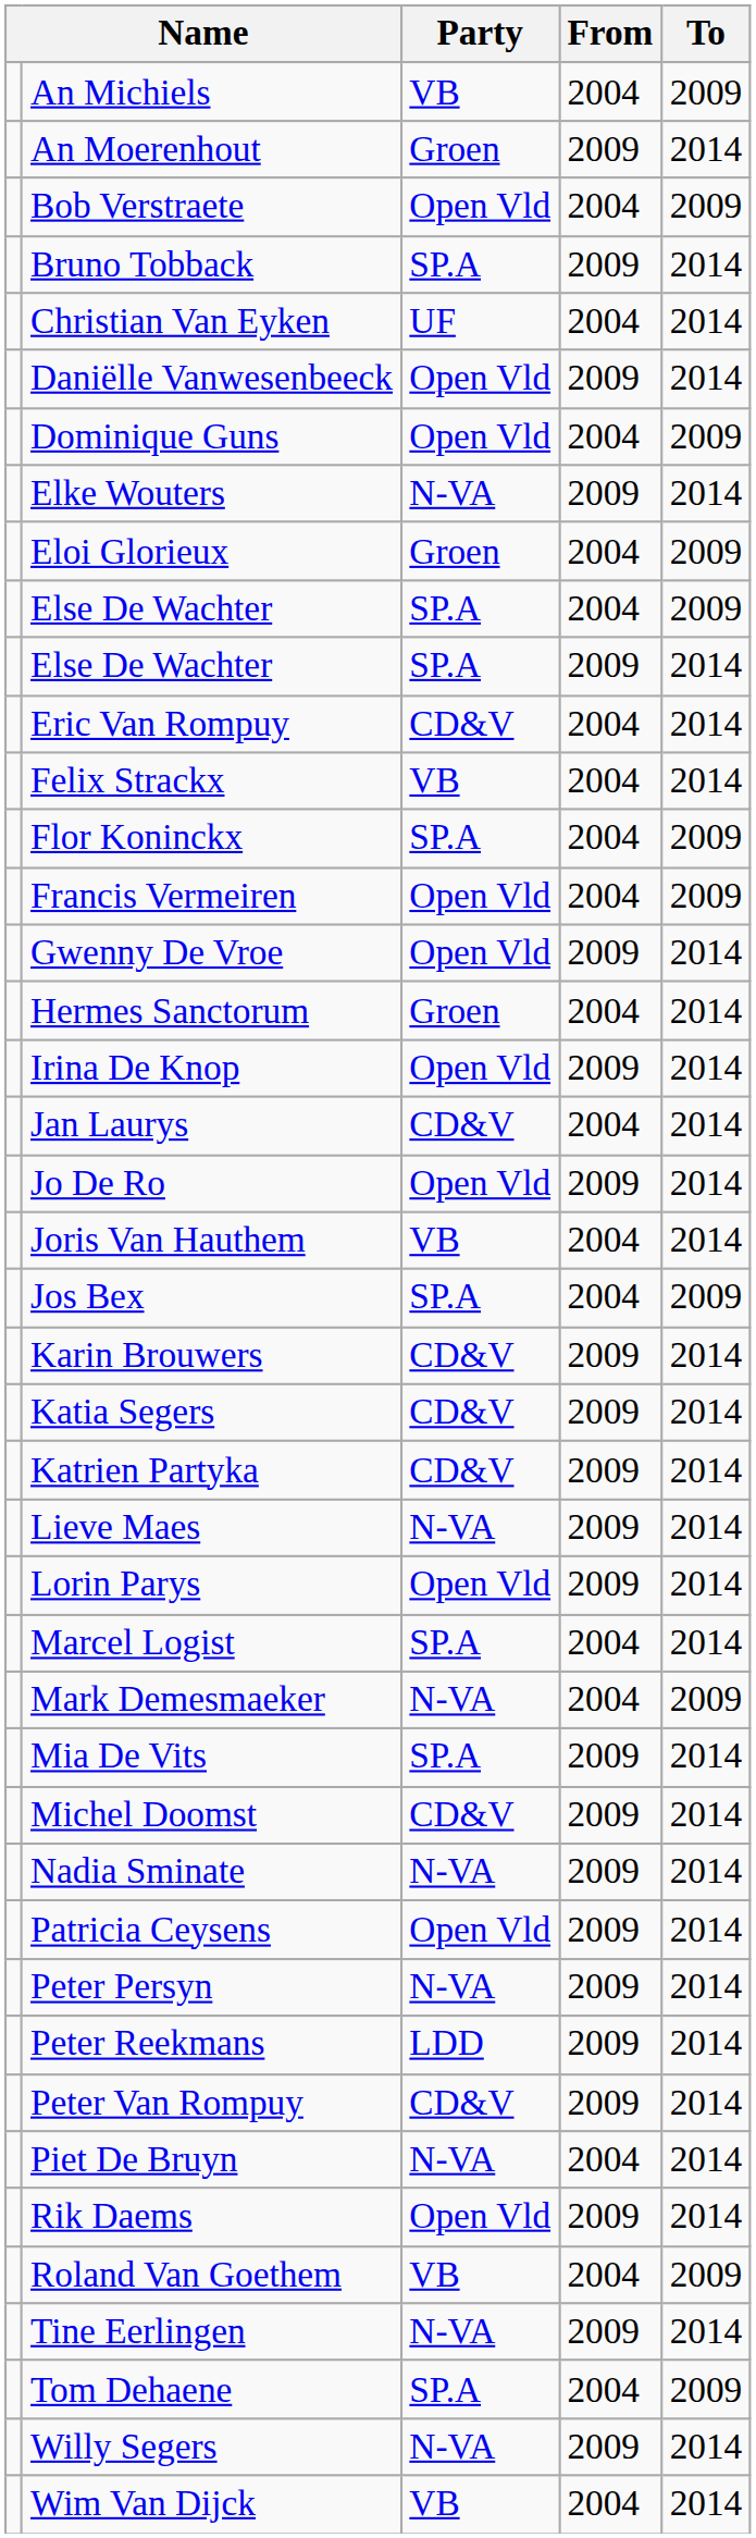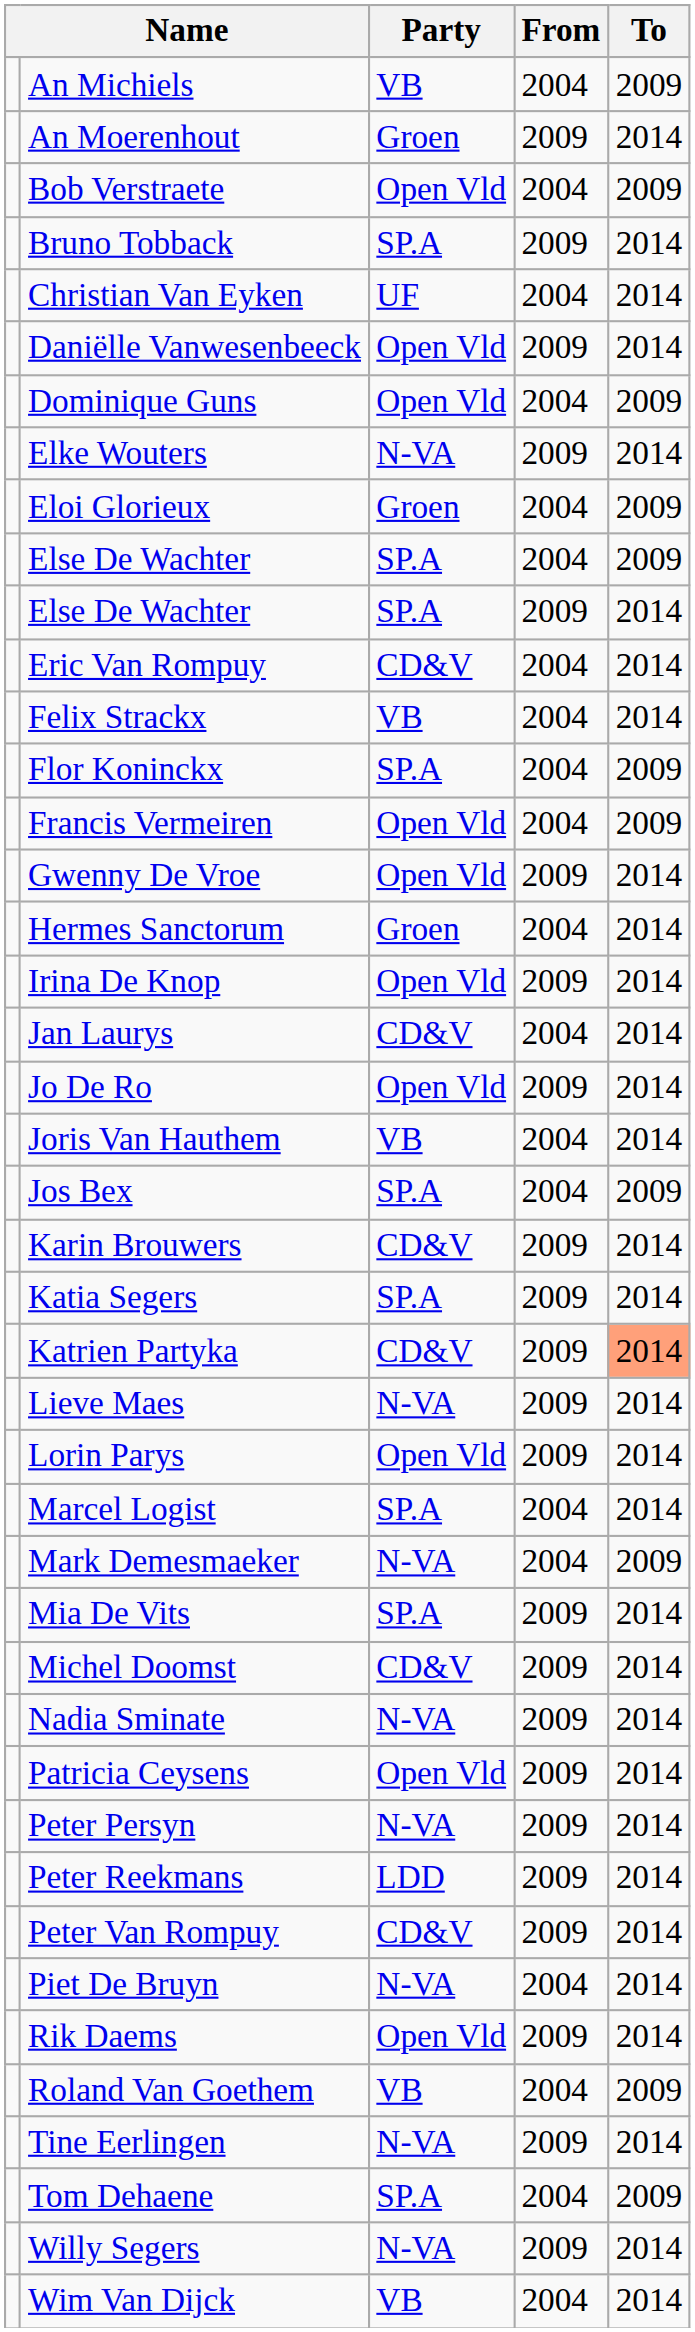 <table class="wikitable sortable">
 <tr>
 <th colspan=2>Name</th>
 <th>Party</th>
 <th>From</th>
 <th>To</th>
 </tr>
 <tr>
 <td style="background-color: "></td>
 <td><a href='#'>An Michiels</a></td>
 <td><a href='#'>VB</a></td>
 <td>2004</td>
 <td>2009</td>
 </tr>
 <tr>
 <td style="background-color: "></td>
 <td><a href='#'>An Moerenhout</a></td>
 <td><a href='#'>Groen</a></td>
 <td>2009</td>
 <td>2014</td>
 </tr>
 <tr>
 <td style="background-color: "></td>
 <td><a href='#'>Bob Verstraete</a></td>
 <td><a href='#'>Open Vld</a></td>
 <td>2004</td>
 <td>2009</td>
 </tr>
 <tr>
 <td style="background-color: "></td>
 <td><a href='#'>Bruno Tobback</a></td>
 <td><a href='#'>SP.A</a></td>
 <td>2009</td>
 <td>2014</td>
 </tr>
 <tr>
 <td style="background-color: "></td>
 <td><a href='#'>Christian Van Eyken</a></td>
 <td><a href='#'>UF</a></td>
 <td>2004</td>
 <td>2014</td>
 </tr>
 <tr>
 <td style="background-color: "></td>
 <td><a href='#'>Daniëlle Vanwesenbeeck</a></td>
 <td><a href='#'>Open Vld</a></td>
 <td>2009</td>
 <td>2014</td>
 </tr>
 <tr>
 <td style="background-color: "></td>
 <td><a href='#'>Dominique Guns</a></td>
 <td><a href='#'>Open Vld</a></td>
 <td>2004</td>
 <td>2009</td>
 </tr>
 <tr>
 <td style="background-color: "></td>
 <td><a href='#'>Elke Wouters</a></td>
 <td><a href='#'>N-VA</a></td>
 <td>2009</td>
 <td>2014</td>
 </tr>
 <tr>
 <td style="background-color: "></td>
 <td><a href='#'>Eloi Glorieux</a></td>
 <td><a href='#'>Groen</a></td>
 <td>2004</td>
 <td>2009</td>
 </tr>
 <tr>
 <td style="background-color: "></td>
 <td><a href='#'>Else De Wachter</a></td>
 <td><a href='#'>SP.A</a></td>
 <td>2004</td>
 <td>2009</td>
 </tr>
 <tr>
 <td style="background-color: "></td>
 <td><a href='#'>Else De Wachter</a></td>
 <td><a href='#'>SP.A</a></td>
 <td>2009</td>
 <td>2014</td>
 </tr>
 <tr>
 <td style="background-color: "></td>
 <td><a href='#'>Eric Van Rompuy</a></td>
 <td><a href='#'>CD&V</a></td>
 <td>2004</td>
 <td>2014</td>
 </tr>
 <tr>
 <td style="background-color: "></td>
 <td><a href='#'>Felix Strackx</a></td>
 <td><a href='#'>VB</a></td>
 <td>2004</td>
 <td>2014</td>
 </tr>
 <tr>
 <td style="background-color: "></td>
 <td><a href='#'>Flor Koninckx</a></td>
 <td><a href='#'>SP.A</a></td>
 <td>2004</td>
 <td>2009</td>
 </tr>
 <tr>
 <td style="background-color: "></td>
 <td><a href='#'>Francis Vermeiren</a></td>
 <td><a href='#'>Open Vld</a></td>
 <td>2004</td>
 <td>2009</td>
 </tr>
 <tr>
 <td style="background-color: "></td>
 <td><a href='#'>Gwenny De Vroe</a></td>
 <td><a href='#'>Open Vld</a></td>
 <td>2009</td>
 <td>2014</td>
 </tr>
 <tr>
 <td style="background-color: "></td>
 <td><a href='#'>Hermes Sanctorum</a></td>
 <td><a href='#'>Groen</a></td>
 <td>2004</td>
 <td>2014</td>
 </tr>
 <tr>
 <td style="background-color: "></td>
 <td><a href='#'>Irina De Knop</a></td>
 <td><a href='#'>Open Vld</a></td>
 <td>2009</td>
 <td>2014</td>
 </tr>
 <tr>
 <td style="background-color: "></td>
 <td><a href='#'>Jan Laurys</a></td>
 <td><a href='#'>CD&V</a></td>
 <td>2004</td>
 <td>2014</td>
 </tr>
 <tr>
 <td style="background-color: "></td>
 <td><a href='#'>Jo De Ro</a></td>
 <td><a href='#'>Open Vld</a></td>
 <td>2009</td>
 <td>2014</td>
 </tr>
 <tr>
 <td style="background-color: "></td>
 <td><a href='#'>Joris Van Hauthem</a></td>
 <td><a href='#'>VB</a></td>
 <td>2004</td>
 <td>2014</td>
 </tr>
 <tr>
 <td style="background-color: "></td>
 <td><a href='#'>Jos Bex</a></td>
 <td><a href='#'>SP.A</a></td>
 <td>2004</td>
 <td>2009</td>
 </tr>
 <tr>
 <td style="background-color: "></td>
 <td><a href='#'>Karin Brouwers</a></td>
 <td><a href='#'>CD&V</a></td>
 <td>2009</td>
 <td>2014</td>
 </tr>
 <tr>
 <td style="background-color: "></td>
 <td><a href='#'>Katia Segers</a></td>
-<td><a href='#'>CD&V</a></td>
+<td><a href='#'>SP.A</a></td>
 <td>2009</td>
 <td>2014</td>
 </tr>
 <tr>
 <td style="background-color: "></td>
 <td><a href='#'>Katrien Partyka</a></td>
 <td><a href='#'>CD&V</a></td>
 <td>2009</td>
-<td>2014</td>
+<td style="background: lightsalmon;">2014</td>
 </tr>
 <tr>
 <td style="background-color: "></td>
 <td><a href='#'>Lieve Maes</a></td>
 <td><a href='#'>N-VA</a></td>
 <td>2009</td>
 <td>2014</td>
 </tr>
 <tr>
 <td style="background-color: "></td>
 <td><a href='#'>Lorin Parys</a></td>
 <td><a href='#'>Open Vld</a></td>
 <td>2009</td>
 <td>2014</td>
 </tr>
 <tr>
 <td style="background-color: "></td>
 <td><a href='#'>Marcel Logist</a></td>
 <td><a href='#'>SP.A</a></td>
 <td>2004</td>
 <td>2014</td>
 </tr>
 <tr>
 <td style="background-color: "></td>
 <td><a href='#'>Mark Demesmaeker</a></td>
 <td><a href='#'>N-VA</a></td>
 <td>2004</td>
 <td>2009</td>
 </tr>
 <tr>
 <td style="background-color: "></td>
 <td><a href='#'>Mia De Vits</a></td>
 <td><a href='#'>SP.A</a></td>
 <td>2009</td>
 <td>2014</td>
 </tr>
 <tr>
 <td style="background-color: "></td>
 <td><a href='#'>Michel Doomst</a></td>
 <td><a href='#'>CD&V</a></td>
 <td>2009</td>
 <td>2014</td>
 </tr>
 <tr>
 <td style="background-color: "></td>
 <td><a href='#'>Nadia Sminate</a></td>
 <td><a href='#'>N-VA</a></td>
 <td>2009</td>
 <td>2014</td>
 </tr>
 <tr>
 <td style="background-color: "></td>
 <td><a href='#'>Patricia Ceysens</a></td>
 <td><a href='#'>Open Vld</a></td>
 <td>2009</td>
 <td>2014</td>
 </tr>
 <tr>
 <td style="background-color: "></td>
 <td><a href='#'>Peter Persyn</a></td>
 <td><a href='#'>N-VA</a></td>
 <td>2009</td>
 <td>2014</td>
 </tr>
 <tr>
 <td style="background-color: "></td>
 <td><a href='#'>Peter Reekmans</a></td>
 <td><a href='#'>LDD</a></td>
 <td>2009</td>
 <td>2014</td>
 </tr>
 <tr>
 <td style="background-color: "></td>
 <td><a href='#'>Peter Van Rompuy</a></td>
 <td><a href='#'>CD&V</a></td>
 <td>2009</td>
 <td>2014</td>
 </tr>
 <tr>
 <td style="background-color: "></td>
 <td><a href='#'>Piet De Bruyn</a></td>
 <td><a href='#'>N-VA</a></td>
 <td>2004</td>
 <td>2014</td>
 </tr>
 <tr>
 <td style="background-color: "></td>
 <td><a href='#'>Rik Daems</a></td>
 <td><a href='#'>Open Vld</a></td>
 <td>2009</td>
 <td>2014</td>
 </tr>
 <tr>
 <td style="background-color: "></td>
 <td><a href='#'>Roland Van Goethem</a></td>
 <td><a href='#'>VB</a></td>
 <td>2004</td>
 <td>2009</td>
 </tr>
 <tr>
 <td style="background-color: "></td>
 <td><a href='#'>Tine Eerlingen</a></td>
 <td><a href='#'>N-VA</a></td>
 <td>2009</td>
 <td>2014</td>
 </tr>
 <tr>
 <td style="background-color: "></td>
 <td><a href='#'>Tom Dehaene</a></td>
 <td><a href='#'>SP.A</a></td>
 <td>2004</td>
 <td>2009</td>
 </tr>
 <tr>
 <td style="background-color: "></td>
 <td><a href='#'>Willy Segers</a></td>
 <td><a href='#'>N-VA</a></td>
 <td>2009</td>
 <td>2014</td>
 </tr>
 <tr>
 <td style="background-color: "></td>
 <td><a href='#'>Wim Van Dijck</a></td>
 <td><a href='#'>VB</a></td>
 <td>2004</td>
 <td>2014</td>
 </tr>
 </table>
